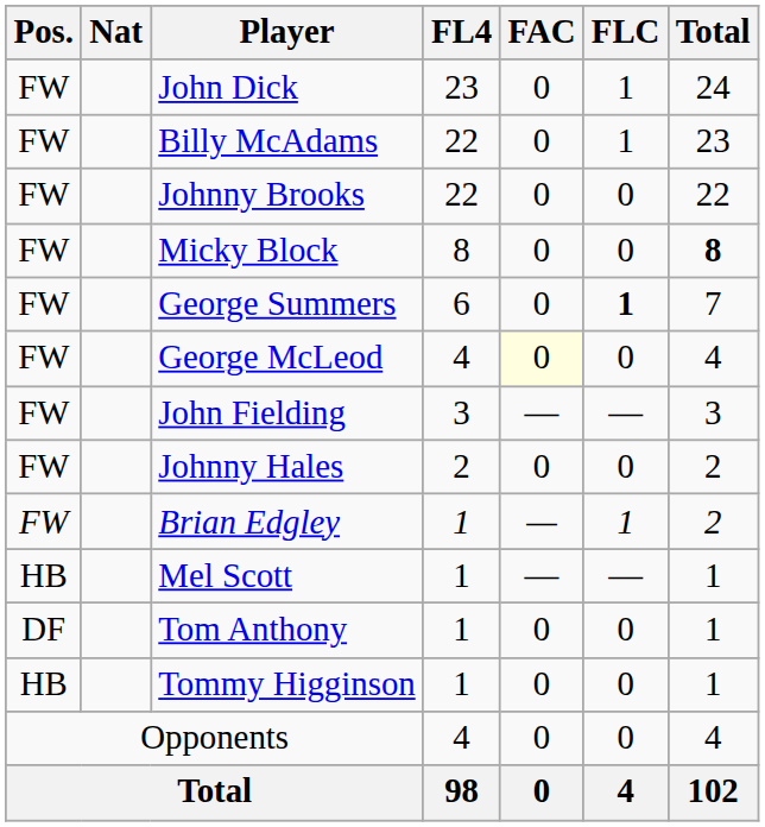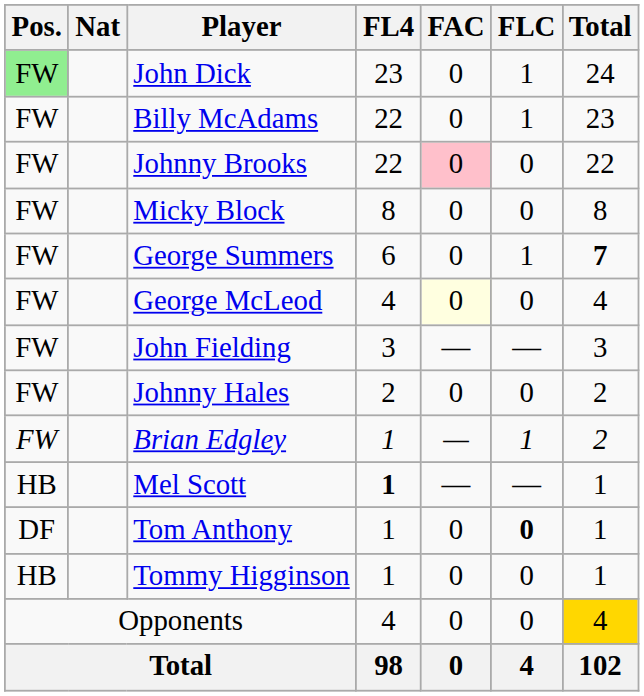 <table class="wikitable"  style="text-align:center; border:1px #aaa solid;">
 <tr>
 <th>Pos.</th>
 <th>Nat</th>
 <th>Player</th>
 <th>FL4</th>
 <th>FAC</th>
 <th>FLC</th>
 <th>Total</th>
 </tr>
 <tr>
-<td>FW</td>
+<td style="background: lightgreen;">FW</td>
 <td></td>
 <td style="text-align:left;"><a href='#'>John Dick</a></td>
 <td>23</td>
 <td>0</td>
 <td>1</td>
 <td>24</td>
 </tr>
 <tr>
 <td>FW</td>
 <td></td>
 <td style="text-align:left;"><a href='#'>Billy McAdams</a></td>
 <td>22</td>
 <td>0</td>
 <td>1</td>
 <td>23</td>
 </tr>
 <tr>
 <td>FW</td>
 <td></td>
 <td style="text-align:left;"><a href='#'>Johnny Brooks</a></td>
 <td>22</td>
-<td>0</td>
+<td style="background: pink;">0</td>
 <td>0</td>
 <td>22</td>
 </tr>
 <tr>
 <td>FW</td>
 <td></td>
 <td style="text-align:left;"><a href='#'>Micky Block</a></td>
 <td>8</td>
 <td>0</td>
 <td>0</td>
-<td><strong>8</strong></td>
+<td>8</td>
 </tr>
 <tr>
 <td>FW</td>
 <td></td>
 <td style="text-align:left;"><a href='#'>George Summers</a></td>
 <td>6</td>
 <td>0</td>
-<td><strong>1</strong></td>
-<td>7</td>
+<td>1</td>
+<td><strong>7</strong></td>
 </tr>
 <tr>
 <td>FW</td>
 <td></td>
 <td style="text-align:left;"><a href='#'>George McLeod</a></td>
 <td>4</td>
 <td style="background: lightyellow;">0</td>
 <td>0</td>
 <td>4</td>
 </tr>
 <tr>
 <td>FW</td>
 <td></td>
 <td style="text-align:left;"><a href='#'>John Fielding</a></td>
 <td>3</td>
 <td>—</td>
 <td>—</td>
 <td>3</td>
 </tr>
 <tr>
 <td>FW</td>
 <td></td>
 <td style="text-align:left;"><a href='#'>Johnny Hales</a></td>
 <td>2</td>
 <td>0</td>
 <td>0</td>
 <td>2</td>
 </tr>
 <tr>
 <td><em>FW</em></td>
 <td><em></em></td>
 <td style="text-align:left;"><em><a href='#'>Brian Edgley</a></em></td>
 <td><em>1</em></td>
 <td><em>—</em></td>
 <td><em>1</em></td>
 <td><em>2</em></td>
 </tr>
 <tr>
 <td>HB</td>
 <td></td>
 <td style="text-align:left;"><a href='#'>Mel Scott</a></td>
-<td>1</td>
+<td><strong>1</strong></td>
 <td>—</td>
 <td>—</td>
 <td>1</td>
 </tr>
 <tr>
 <td>DF</td>
 <td></td>
 <td style="text-align:left;"><a href='#'>Tom Anthony</a></td>
 <td>1</td>
 <td>0</td>
-<td>0</td>
+<td><strong>0</strong></td>
 <td>1</td>
 </tr>
 <tr>
 <td>HB</td>
 <td></td>
 <td style="text-align:left;"><a href='#'>Tommy Higginson</a></td>
 <td>1</td>
 <td>0</td>
 <td>0</td>
 <td>1</td>
 </tr>
 <tr>
 <td colspan="3">Opponents</td>
 <td>4</td>
 <td>0</td>
 <td>0</td>
-<td>4</td>
+<td style="background: gold;">4</td>
 </tr>
 <tr>
 <th colspan="3">Total</th>
 <th>98</th>
 <th>0</th>
 <th>4</th>
 <th>102</th>
 </tr>
 </table>
